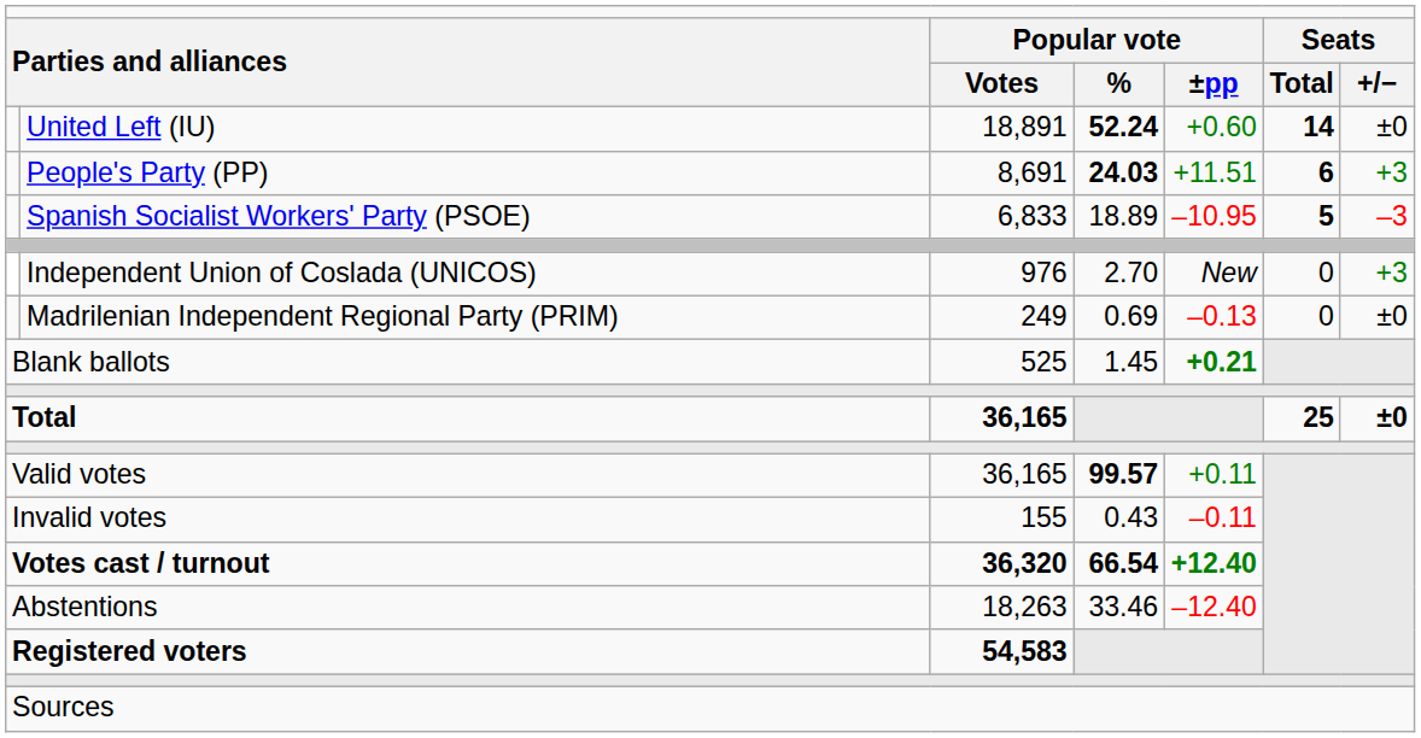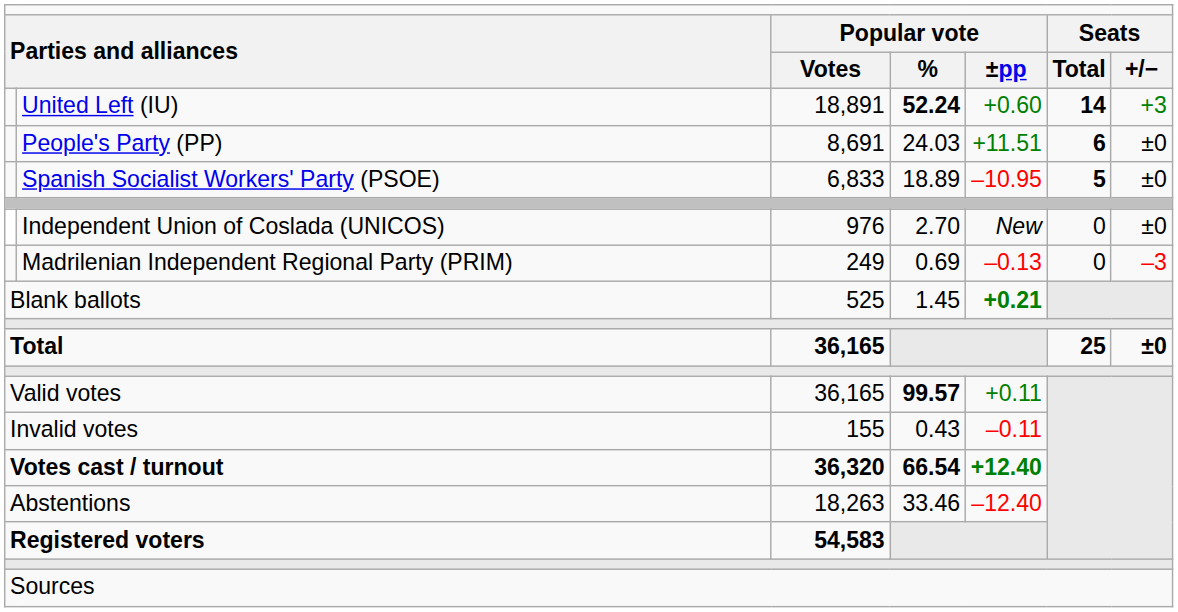 <table class="wikitable" style="text-align:right;">
 <tr>
 <td colspan="7"></td>
 </tr>
 <tr>
 <th style="text-align:left;" rowspan="2" colspan="2" width="525">Parties and alliances</th>
 <th colspan="3">Popular vote</th>
 <th colspan="2">Seats</th>
 </tr>
 <tr>
 <th width="75">Votes</th>
 <th width="45">%</th>
 <th width="45">±<a href='#'>pp</a></th>
 <th width="35">Total</th>
 <th width="35">+/−</th>
 </tr>
 <tr>
 <td width="1" style="color:inherit;background:"></td>
 <td align="left"><a href='#'>United Left</a> (IU)</td>
 <td>18,891</td>
 <td><strong>52.24</strong></td>
 <td style="color:green;">+0.60</td>
 <td><strong>14</strong></td>
-<td>±0</td>
+<td style="color:green;">+3</td>
 </tr>
 <tr>
 <td style="color:inherit;background:"></td>
 <td align="left"><a href='#'>People's Party</a> (PP)</td>
 <td>8,691</td>
-<td><strong>24.03</strong></td>
+<td>24.03</td>
 <td style="color:green;">+11.51</td>
 <td><strong>6</strong></td>
-<td style="color:green;">+3</td>
+<td>±0</td>
 </tr>
 <tr>
 <td style="color:inherit;background:"></td>
 <td align="left"><a href='#'>Spanish Socialist Workers' Party</a> (PSOE)</td>
 <td>6,833</td>
 <td>18.89</td>
 <td style="color:red;">–10.95</td>
 <td><strong>5</strong></td>
-<td style="color:red;">–3</td>
+<td>±0</td>
 </tr>
 <tr>
 <td colspan="7" bgcolor="#C0C0C0"></td>
 </tr>
 <tr>
 <td bgcolor="white"></td>
 <td align="left">Independent Union of Coslada (UNICOS)</td>
 <td>976</td>
 <td>2.70</td>
 <td><em>New</em></td>
 <td>0</td>
-<td style="color:green;">+3</td>
+<td>±0</td>
 </tr>
 <tr>
 <td style="color:inherit;background:"></td>
 <td align="left">Madrilenian Independent Regional Party (PRIM)</td>
 <td>249</td>
 <td>0.69</td>
 <td style="color:red;">–0.13</td>
 <td>0</td>
-<td>±0</td>
+<td style="color:red;">–3</td>
 </tr>
 <tr>
 <td align="left" colspan="2">Blank ballots</td>
 <td>525</td>
 <td>1.45</td>
 <td style="color:green;"><strong>+0.21</strong></td>
 <td bgcolor="#E9E9E9" colspan="2"></td>
 </tr>
 <tr>
 <td colspan="7" bgcolor="#E9E9E9"></td>
 </tr>
 <tr style="font-weight:bold;">
 <td align="left" colspan="2">Total</td>
 <td>36,165</td>
 <td bgcolor="#E9E9E9" colspan="2"></td>
 <td>25</td>
 <td>±0</td>
 </tr>
 <tr>
 <td colspan="7" bgcolor="#E9E9E9"></td>
 </tr>
 <tr>
 <td align="left" colspan="2">Valid votes</td>
 <td>36,165</td>
 <td><strong>99.57</strong></td>
 <td style="color:green;">+0.11</td>
 <td bgcolor="#E9E9E9" colspan="2" rowspan="5"></td>
 </tr>
 <tr>
 <td align="left" colspan="2">Invalid votes</td>
 <td>155</td>
 <td>0.43</td>
 <td style="color:red;">–0.11</td>
 </tr>
 <tr style="font-weight:bold;">
 <td align="left" colspan="2">Votes cast / turnout</td>
 <td>36,320</td>
 <td>66.54</td>
 <td style="color:green;">+12.40</td>
 </tr>
 <tr>
 <td align="left" colspan="2">Abstentions</td>
 <td>18,263</td>
 <td>33.46</td>
 <td style="color:red;">–12.40</td>
 </tr>
 <tr style="font-weight:bold;">
 <td align="left" colspan="2">Registered voters</td>
 <td>54,583</td>
 <td bgcolor="#E9E9E9" colspan="2"></td>
 </tr>
 <tr>
 <td colspan="7" bgcolor="#E9E9E9"></td>
 </tr>
 <tr>
 <td align="left" colspan="7">Sources</td>
 </tr>
 </table>
